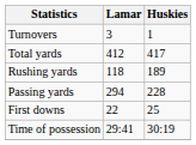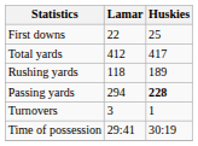 <table class="wikitable" style="float: left;">
 <tr>
 <th>Statistics</th>
 <th><strong>Lamar</strong></th>
 <th><strong>Huskies</strong></th>
 </tr>
 <tr>
-<td>Turnovers</td>
-<td>3</td>
-<td>1</td>
+<td>First downs</td>
+<td>22</td>
+<td>25</td>
 </tr>
 <tr>
 <td>Total yards</td>
 <td>412</td>
 <td>417</td>
 </tr>
 <tr>
 <td>Rushing yards</td>
 <td>118</td>
 <td>189</td>
 </tr>
 <tr>
 <td>Passing yards</td>
 <td>294</td>
-<td>228</td>
+<td><strong>228</strong></td>
 </tr>
 <tr>
-<td>First downs</td>
-<td>22</td>
-<td>25</td>
+<td>Turnovers</td>
+<td>3</td>
+<td>1</td>
 </tr>
 <tr>
 <td>Time of possession</td>
 <td>29:41</td>
 <td>30:19</td>
 </tr>
 <tr>
 </tr>
 </table>
